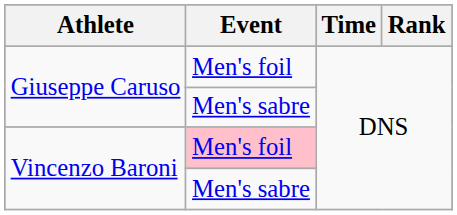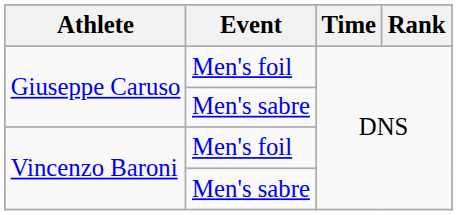 <table class="wikitable" style="font-size:90%">
 <tr>
 <th>Athlete</th>
 <th>Event</th>
 <th>Time</th>
 <th>Rank</th>
 </tr>
 <tr>
 <td rowspan="2"><a href='#'>Giuseppe Caruso</a></td>
 <td><a href='#'>Men's foil</a></td>
 <td colspan="2" rowspan="4" align="center">DNS</td>
 </tr>
 <tr>
 <td><a href='#'>Men's sabre</a></td>
 </tr>
 <tr>
 <td rowspan="2"><a href='#'>Vincenzo Baroni</a></td>
-<td style="background: pink;"><a href='#'>Men's foil</a></td>
+<td><a href='#'>Men's foil</a></td>
 </tr>
 <tr>
 <td><a href='#'>Men's sabre</a></td>
 </tr>
 </table>
